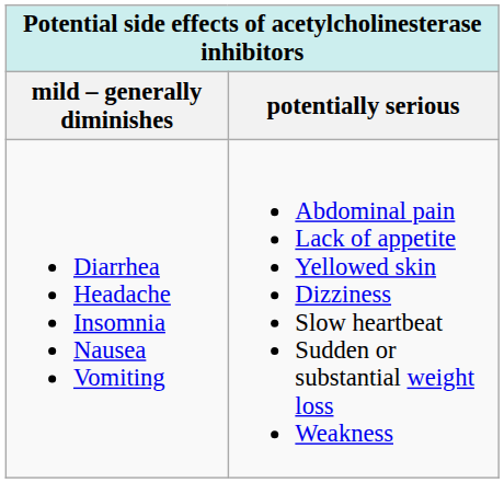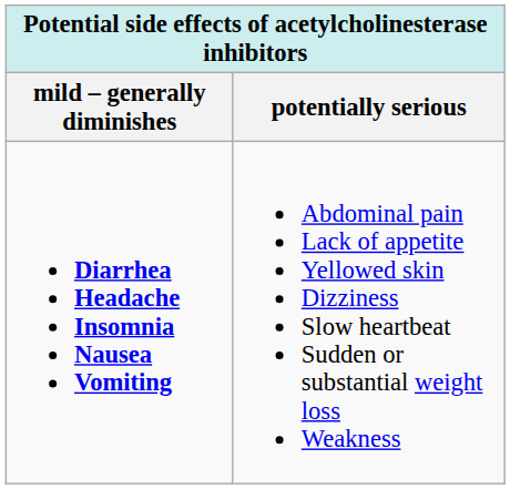 <table class="wikitable" style="float:right; width:20em; border:solid 1px #999999; margin:0 0 1em 1em;">
 <tr>
 <th colspan="4" style="background-color: #CCEEEE;">Potential side effects of acetylcholinesterase inhibitors</th>
 </tr>
 <tr>
 <th>mild – generally diminishes</th>
 <th>potentially serious</th>
 </tr>
 <tr>
-<td><br><ul><li><a href='#'>Diarrhea</a></li><li><a href='#'>Headache</a></li><li><a href='#'>Insomnia</a></li><li><a href='#'>Nausea</a></li><li><a href='#'>Vomiting</a></li></ul></td>
+<td><strong><br><ul><li><a href='#'>Diarrhea</a></li><li><a href='#'>Headache</a></li><li><a href='#'>Insomnia</a></li><li><a href='#'>Nausea</a></li><li><a href='#'>Vomiting</a></li></ul></strong></td>
 <td><br><ul><li><a href='#'>Abdominal pain</a></li><li><a href='#'>Lack of appetite</a></li><li><a href='#'>Yellowed skin</a></li><li><a href='#'>Dizziness</a></li><li>Slow heartbeat</li><li>Sudden or substantial <a href='#'>weight loss</a></li><li><a href='#'>Weakness</a></li></ul></td>
 </tr>
 </table>
